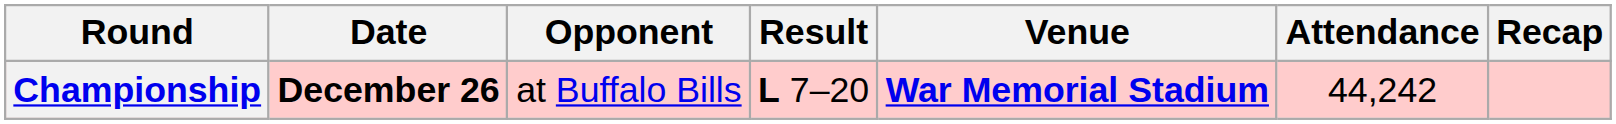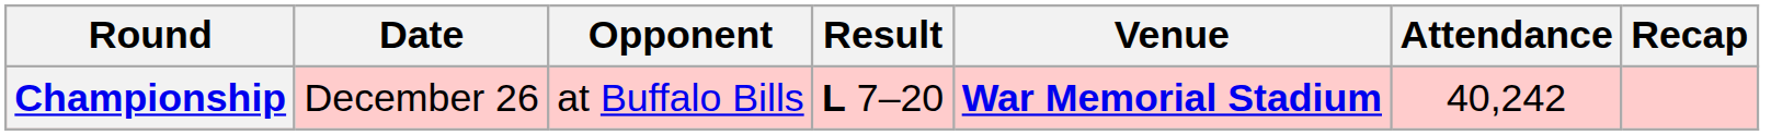 <table class="wikitable" style="text-align:center">
 <tr>
 <th>Round</th>
 <th>Date</th>
 <th>Opponent</th>
 <th>Result</th>
 <th>Venue</th>
 <th>Attendance</th>
 <th>Recap</th>
 </tr>
 <tr style="background:#fcc">
 <th><a href='#'>Championship</a></th>
-<td><strong>December 26</strong></td>
+<td>December 26</td>
 <td>at <a href='#'>Buffalo Bills</a></td>
 <td><strong>L</strong> 7–20</td>
 <td><strong><a href='#'>War Memorial Stadium</a></strong></td>
-<td>44,242</td>
+<td>40,242</td>
 <td></td>
 </tr>
 </table>
